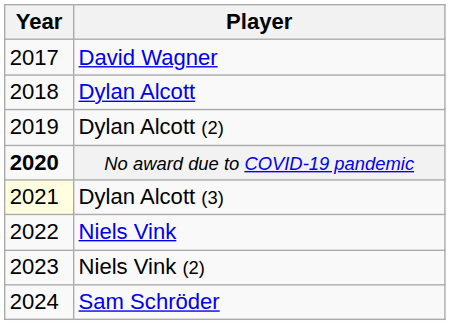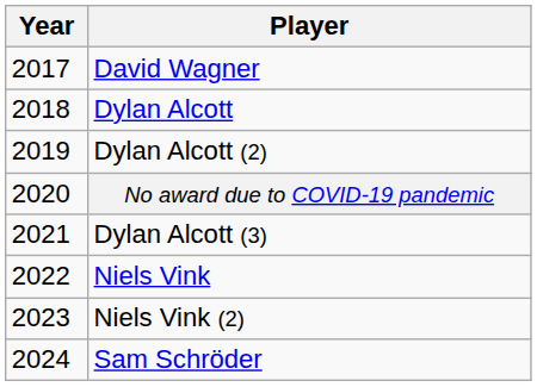 <table class="wikitable" style="width: 320px;">
 <tr>
 <th>Year</th>
 <th>Player</th>
 </tr>
 <tr>
 <td>2017</td>
 <td> <a href='#'>David Wagner</a></td>
 </tr>
 <tr>
 <td>2018</td>
 <td> <a href='#'>Dylan Alcott</a></td>
 </tr>
 <tr>
 <td>2019</td>
 <td> Dylan Alcott <small>(2)</small></td>
 </tr>
 <tr>
-<td><strong>2020</strong></td>
+<td>2020</td>
 <td style="background: #f2f2f2; text-align: center;"><em><small>No award due to <a href='#'>COVID-19 pandemic</a></small></em></td>
 </tr>
 <tr>
-<td style="background: lightyellow;">2021</td>
+<td>2021</td>
 <td> Dylan Alcott <small>(3)</small></td>
 </tr>
 <tr>
 <td>2022</td>
 <td> <a href='#'>Niels Vink</a></td>
 </tr>
 <tr>
 <td>2023</td>
 <td> Niels Vink <small>(2)</small></td>
 </tr>
 <tr>
 <td>2024</td>
 <td> <a href='#'>Sam Schröder</a></td>
 </tr>
 </table>
